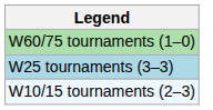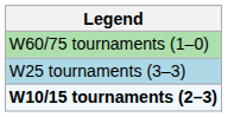 <table class="wikitable" style="font-size:85%">
 <tr>
 <th>Legend</th>
 </tr>
 <tr style="background:#addfad;">
 <td>W60/75 tournaments (1–0)</td>
 </tr>
 <tr style="background:lightblue;">
 <td>W25 tournaments (3–3)</td>
 </tr>
 <tr style="background:#f0f8ff;">
-<td>W10/15 tournaments (2–3)</td>
+<td><strong>W10/15 tournaments (2–3)</strong></td>
 </tr>
 </table>
